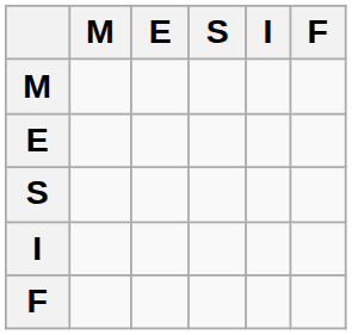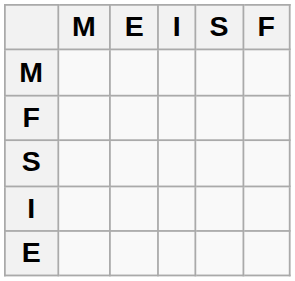 <table class="wikitable floatright" style="text-align: center;">
 <tr>
 <th></th>
 <th> M </th>
 <th> E </th>
+<th> I </th>
 <th> S </th>
-<th> I </th>
 <th> F </th>
 </tr>
 <tr>
 <th> M </th>
 <td></td>
 <td></td>
 <td></td>
 <td></td>
 <td></td>
 </tr>
 <tr>
-<th> E </th>
+<th> F </th>
 <td></td>
 <td></td>
 <td></td>
 <td></td>
 <td></td>
 </tr>
 <tr>
 <th> S </th>
 <td></td>
 <td></td>
 <td></td>
 <td></td>
 <td></td>
 </tr>
 <tr>
 <th> I </th>
 <td></td>
 <td></td>
 <td></td>
 <td></td>
 <td></td>
 </tr>
 <tr>
-<th> F </th>
+<th> E </th>
 <td></td>
 <td></td>
 <td></td>
 <td></td>
 <td></td>
 </tr>
 </table>
